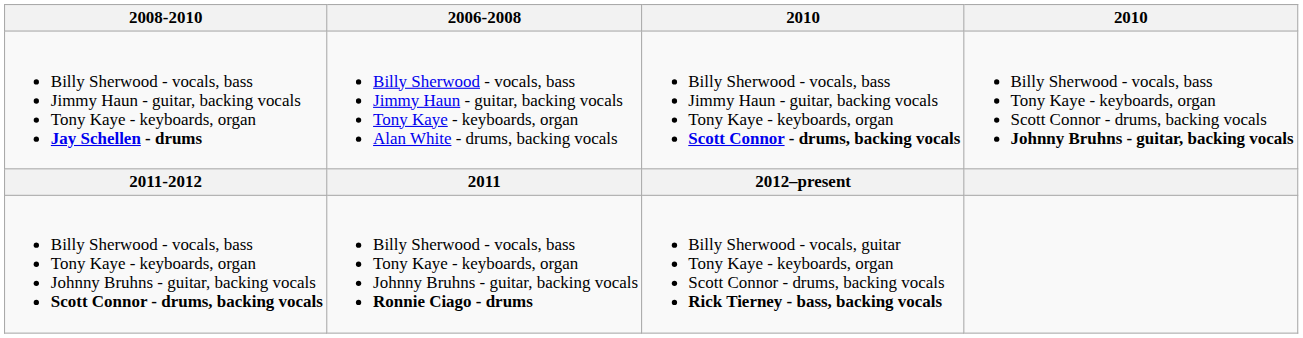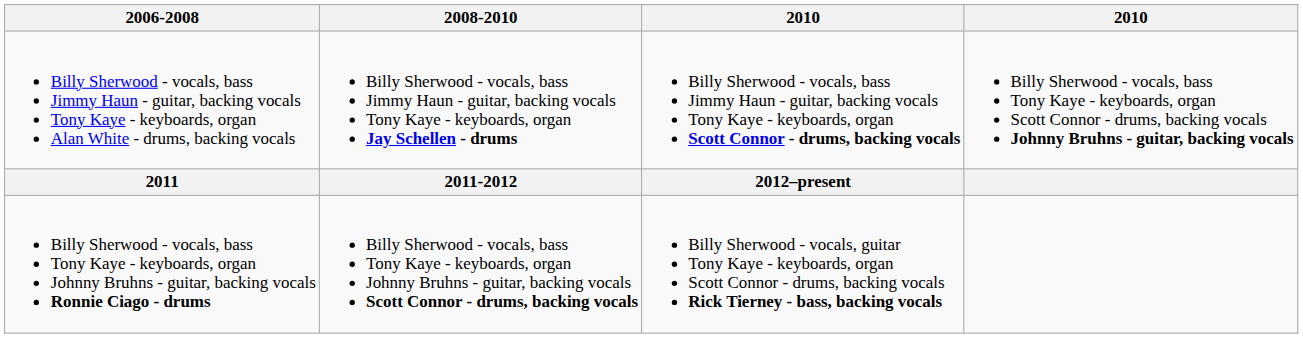 <table class="wikitable">
 <tr>
+<th>2006-2008</th>
 <th>2008-2010</th>
-<th>2006-2008</th>
 <th>2010</th>
 <th>2010</th>
 </tr>
 <tr>
+<td><br><ul><li><a href='#'>Billy Sherwood</a> - vocals, bass</li><li><a href='#'>Jimmy Haun</a> - guitar, backing vocals</li><li><a href='#'>Tony Kaye</a> - keyboards, organ</li><li><a href='#'>Alan White</a> - drums, backing vocals</li></ul></td>
 <td><br><ul><li>Billy Sherwood - vocals, bass</li><li>Jimmy Haun - guitar, backing vocals</li><li>Tony Kaye - keyboards, organ</li><li><strong><a href='#'>Jay Schellen</a> - drums</strong></li></ul></td>
-<td><br><ul><li><a href='#'>Billy Sherwood</a> - vocals, bass</li><li><a href='#'>Jimmy Haun</a> - guitar, backing vocals</li><li><a href='#'>Tony Kaye</a> - keyboards, organ</li><li><a href='#'>Alan White</a> - drums, backing vocals</li></ul></td>
 <td><br><ul><li>Billy Sherwood - vocals, bass</li><li>Jimmy Haun - guitar, backing vocals</li><li>Tony Kaye - keyboards, organ</li><li><strong><a href='#'>Scott Connor</a> - drums, backing vocals</strong></li></ul></td>
 <td><br><ul><li>Billy Sherwood - vocals, bass</li><li>Tony Kaye - keyboards, organ</li><li>Scott Connor - drums, backing vocals</li><li><strong>Johnny Bruhns - guitar, backing vocals</strong></li></ul></td>
 </tr>
 <tr>
+<th>2011</th>
 <th>2011-2012</th>
-<th>2011</th>
 <th>2012–present</th>
 <th></th>
 </tr>
 <tr>
+<td><br><ul><li>Billy Sherwood - vocals, bass</li><li>Tony Kaye - keyboards, organ</li><li>Johnny Bruhns - guitar, backing vocals</li><li><strong>Ronnie Ciago - drums</strong></li></ul></td>
 <td><br><ul><li>Billy Sherwood - vocals, bass</li><li>Tony Kaye - keyboards, organ</li><li>Johnny Bruhns - guitar, backing vocals</li><li><strong>Scott Connor - drums, backing vocals</strong></li></ul></td>
-<td><br><ul><li>Billy Sherwood - vocals, bass</li><li>Tony Kaye - keyboards, organ</li><li>Johnny Bruhns - guitar, backing vocals</li><li><strong>Ronnie Ciago - drums</strong></li></ul></td>
 <td><br><ul><li>Billy Sherwood - vocals, guitar</li><li>Tony Kaye - keyboards, organ</li><li>Scott Connor - drums, backing vocals</li><li><strong>Rick Tierney - bass, backing vocals</strong></li></ul></td>
 <td></td>
 </tr>
 </table>
